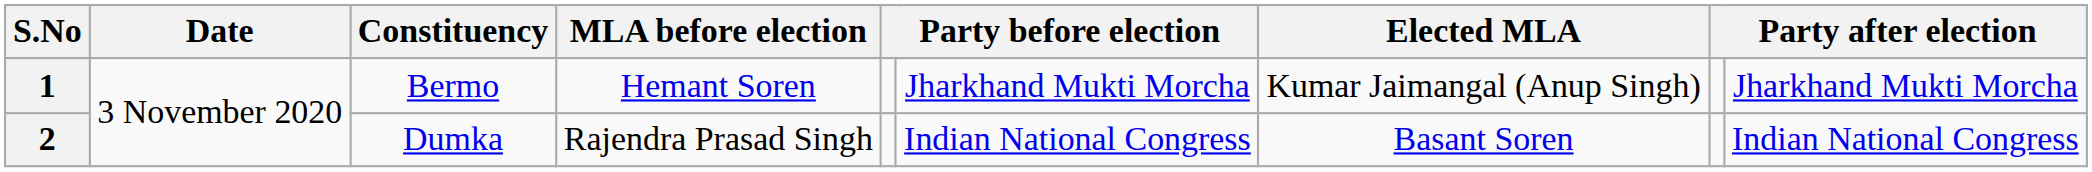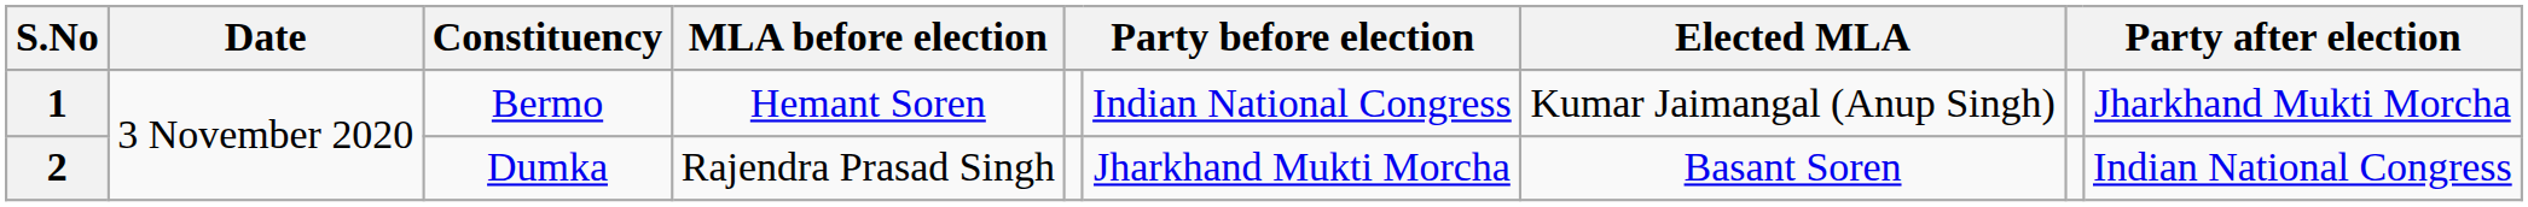 <table class="wikitable sortable" style="text-align:center;">
 <tr>
 <th>S.No</th>
 <th>Date</th>
 <th>Constituency</th>
 <th>MLA before election</th>
 <th colspan="2">Party before election</th>
 <th>Elected MLA</th>
 <th colspan="2">Party after election</th>
 </tr>
 <tr>
 <th>1</th>
 <td rowspan="2">3 November 2020</td>
 <td><a href='#'>Bermo</a></td>
 <td><a href='#'>Hemant Soren</a></td>
 <td></td>
-<td><a href='#'>Jharkhand Mukti Morcha</a></td>
+<td><a href='#'>Indian National Congress</a></td>
 <td>Kumar Jaimangal (Anup Singh)</td>
 <td></td>
 <td><a href='#'>Jharkhand Mukti Morcha</a></td>
 </tr>
 <tr>
 <th>2</th>
 <td><a href='#'>Dumka</a></td>
 <td>Rajendra Prasad Singh</td>
 <td></td>
-<td><a href='#'>Indian National Congress</a></td>
+<td><a href='#'>Jharkhand Mukti Morcha</a></td>
 <td><a href='#'>Basant Soren</a></td>
 <td></td>
 <td><a href='#'>Indian National Congress</a></td>
 </tr>
 </table>
